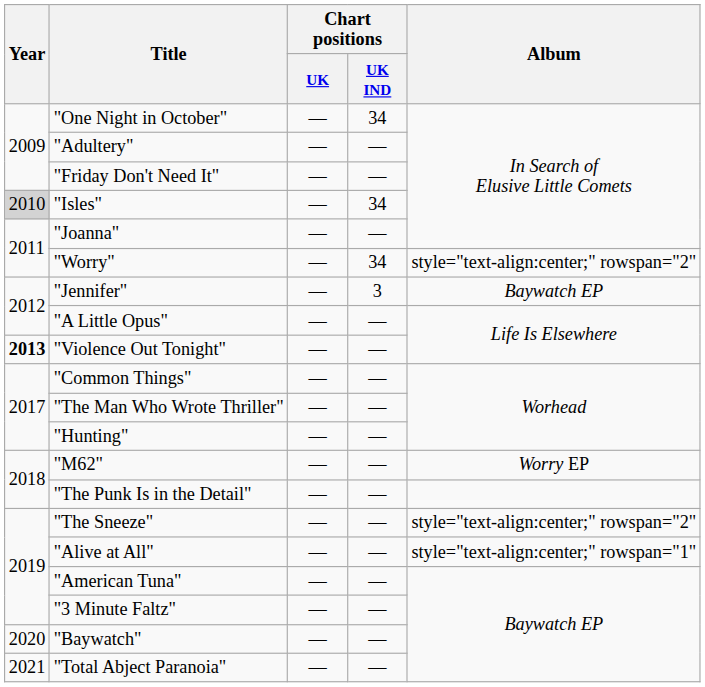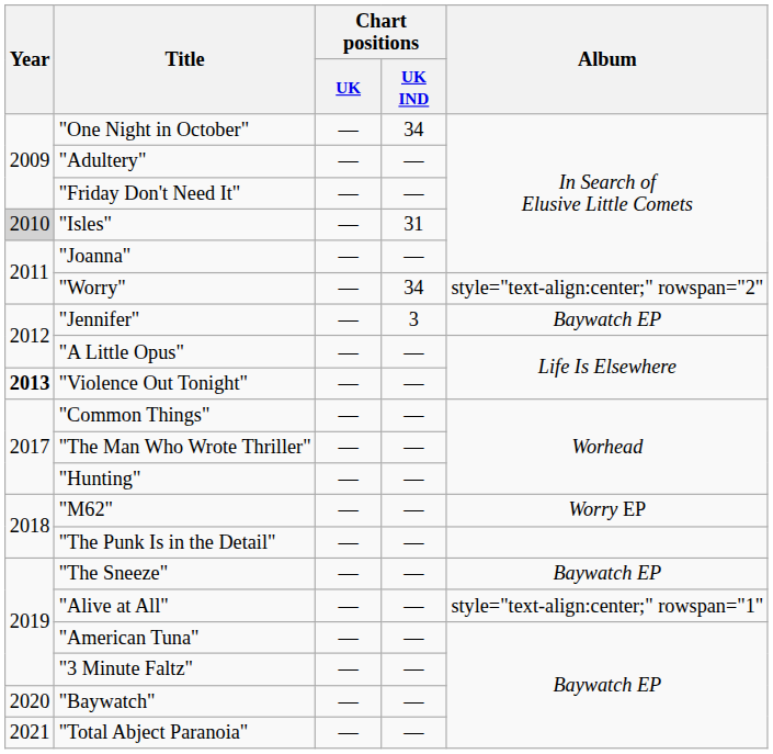 <table class="wikitable">
 <tr>
 <th rowspan="2">Year</th>
 <th rowspan="2">Title</th>
 <th colspan="2">Chart positions</th>
 <th rowspan="2">Album</th>
 </tr>
 <tr>
 <th style="width:45px;"><small><a href='#'>UK</a></small></th>
 <th style="width:45px;"><small><a href='#'>UK<br>IND</a></small></th>
 </tr>
 <tr>
 <td rowspan="3">2009</td>
 <td>"One Night in October"</td>
 <td style="text-align:center;">—</td>
 <td style="text-align:center;">34</td>
 <td style="text-align:center;" rowspan="5"><em>In Search of<br>Elusive Little Comets</em></td>
 </tr>
 <tr>
 <td>"Adultery"</td>
 <td style="text-align:center;">—</td>
 <td style="text-align:center;">—</td>
 </tr>
 <tr>
 <td>"Friday Don't Need It"</td>
 <td style="text-align:center;">—</td>
 <td style="text-align:center;">—</td>
 </tr>
 <tr>
 <td style="background: lightgrey;">2010</td>
 <td>"Isles"</td>
 <td style="text-align:center;">—</td>
-<td style="text-align:center;">34</td>
+<td style="text-align:center;">31</td>
 </tr>
 <tr>
 <td rowspan="2">2011</td>
 <td>"Joanna"</td>
 <td style="text-align:center;">—</td>
 <td style="text-align:center;">—</td>
 </tr>
 <tr>
 <td>"Worry"</td>
 <td style="text-align:center;">—</td>
 <td style="text-align:center;">34</td>
 <td>style="text-align:center;" rowspan="2" </td>
 </tr>
 <tr>
 <td rowspan="2">2012</td>
 <td>"Jennifer"</td>
 <td style="text-align:center;">—</td>
 <td style="text-align:center;">3</td>
 <td style="text-align:center;" rowspan="1"><em>Baywatch EP</em></td>
 </tr>
 <tr>
 <td>"A Little Opus"</td>
 <td style="text-align:center;">—</td>
 <td style="text-align:center;">—</td>
 <td style="text-align:center;" rowspan="2"><em>Life Is Elsewhere</em></td>
 </tr>
 <tr>
 <td><strong>2013</strong></td>
 <td>"Violence Out Tonight"</td>
 <td style="text-align:center;">—</td>
 <td style="text-align:center;">—</td>
 </tr>
 <tr>
 <td rowspan="3">2017</td>
 <td>"Common Things"</td>
 <td style="text-align:center;">—</td>
 <td style="text-align:center;">—</td>
 <td style="text-align:center;" rowspan="3"><em>Worhead</em></td>
 </tr>
 <tr>
 <td>"The Man Who Wrote Thriller"</td>
 <td style="text-align:center;">—</td>
 <td style="text-align:center;">—</td>
 </tr>
 <tr>
 <td>"Hunting"</td>
 <td style="text-align:center;">—</td>
 <td style="text-align:center;">—</td>
 </tr>
 <tr>
 <td rowspan="2">2018</td>
 <td>"M62"</td>
 <td style="text-align:center;">—</td>
 <td style="text-align:center;">—</td>
 <td style="text-align:center;"><em>Worry</em> EP</td>
 </tr>
 <tr>
 <td>"The Punk Is in the Detail"</td>
 <td style="text-align:center;">—</td>
 <td style="text-align:center;">—</td>
 </tr>
 <tr>
 <td rowspan="4">2019</td>
 <td>"The Sneeze"</td>
 <td style="text-align:center;">—</td>
 <td style="text-align:center;">—</td>
-<td>style="text-align:center;" rowspan="2" </td>
+<td style="text-align:center;" rowspan="1"><em>Baywatch EP</em></td>
 </tr>
 <tr>
 <td>"Alive at All"</td>
 <td style="text-align:center;">—</td>
 <td style="text-align:center;">—</td>
 <td>style="text-align:center;" rowspan="1" </td>
 </tr>
 <tr>
 <td>"American Tuna"</td>
 <td style="text-align:center;">—</td>
 <td style="text-align:center;">—</td>
 <td style="text-align:center;" rowspan="4"><em>Baywatch EP</em></td>
 </tr>
 <tr>
 <td>"3 Minute Faltz"</td>
 <td style="text-align:center;">—</td>
 <td style="text-align:center;">—</td>
 </tr>
 <tr>
 <td rowspan="1">2020</td>
 <td>"Baywatch"</td>
 <td style="text-align:center;">—</td>
 <td style="text-align:center;">—</td>
 </tr>
 <tr>
 <td rowspan="1">2021</td>
 <td>"Total Abject Paranoia"</td>
 <td style="text-align:center;">—</td>
 <td style="text-align:center;">—</td>
 </tr>
 </table>
